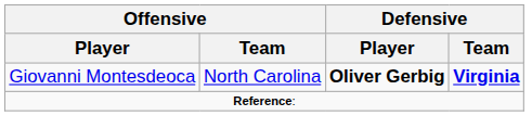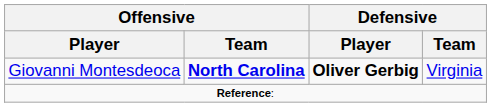 <table class="wikitable" style="text-align: center;">
 <tr>
 <th colspan="2">Offensive</th>
 <th colspan="2">Defensive</th>
 </tr>
 <tr>
 <th>Player</th>
 <th>Team</th>
 <th>Player</th>
 <th>Team</th>
 </tr>
 <tr>
 <td><a href='#'>Giovanni Montesdeoca</a></td>
-<td><a href='#'>North Carolina</a></td>
+<td><strong><a href='#'>North Carolina</a></strong></td>
 <td><strong>Oliver Gerbig</strong></td>
-<td><strong><a href='#'>Virginia</a></strong></td>
+<td><a href='#'>Virginia</a></td>
 </tr>
 <tr>
 <td colspan="4"  style="font-size:8pt; text-align:center;"><strong>Reference</strong>:</td>
 </tr>
 </table>
